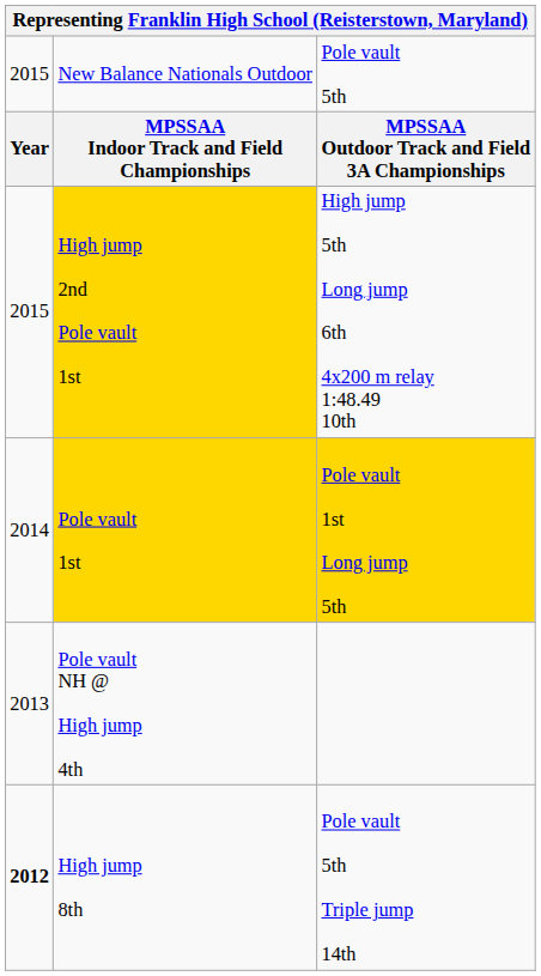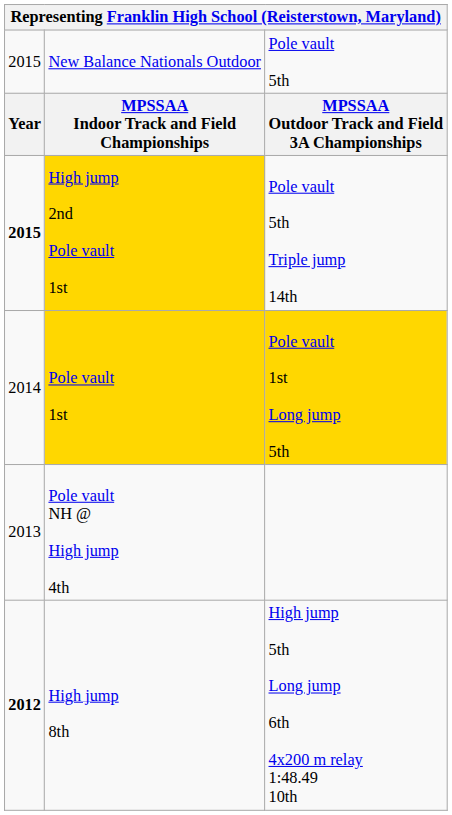 <table class="wikitable sortable">
 <tr>
 <th colspan=6>Representing <a href='#'>Franklin High School (Reisterstown, Maryland)</a></th>
 </tr>
 <tr>
 <td>2015</td>
 <td><a href='#'>New Balance Nationals Outdoor</a></td>
 <td><a href='#'>Pole vault</a><br>  <br> 5th</td>
 </tr>
 <tr>
 <th>Year</th>
 <th><a href='#'>MPSSAA</a><br>Indoor Track and Field<br>Championships</th>
 <th><a href='#'>MPSSAA</a><br>Outdoor Track and Field<br>3A Championships</th>
 </tr>
 <tr>
-<td>2015</td>
+<td><strong>2015</strong></td>
 <td bgcolor=gold><a href='#'>High jump</a><br><br>2nd<br> <br><a href='#'>Pole vault</a><br><br>1st</td>
-<td><a href='#'>High jump</a><br><br>5th<br> <br><a href='#'>Long jump</a><br><br>6th<br> <br><a href='#'>4x200 m relay</a><br>1:48.49<br>10th</td>
+<td><br><a href='#'>Pole vault</a><br><br>5th<br> <br><a href='#'>Triple jump</a><br><br>14th<br></td>
 </tr>
 <tr>
 <td>2014</td>
 <td bgcolor=gold><br><a href='#'>Pole vault</a><br><br>1st<br></td>
 <td bgcolor=gold><br><a href='#'>Pole vault</a><br><br>1st<br> <br><a href='#'>Long jump</a><br><br>5th<br></td>
 </tr>
 <tr>
 <td>2013</td>
 <td><br><a href='#'>Pole vault</a><br>NH @ <br> <br><a href='#'>High jump</a><br><br>4th<br></td>
 <td></td>
 </tr>
 <tr>
 <td><strong>2012</strong></td>
 <td><br><a href='#'>High jump</a><br><br>8th<br></td>
-<td><br><a href='#'>Pole vault</a><br><br>5th<br> <br><a href='#'>Triple jump</a><br><br>14th<br></td>
+<td><a href='#'>High jump</a><br><br>5th<br> <br><a href='#'>Long jump</a><br><br>6th<br> <br><a href='#'>4x200 m relay</a><br>1:48.49<br>10th</td>
 </tr>
 </table>
